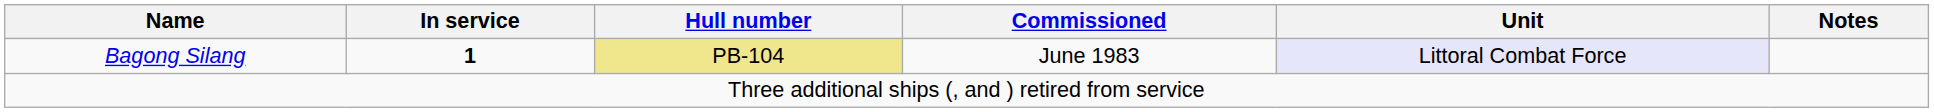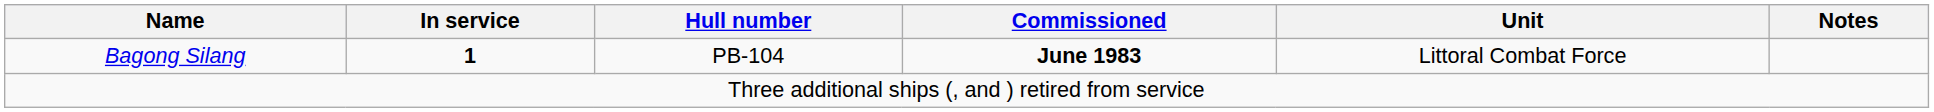 <table class="wikitable"  style="width:90%; text-align:center;">
 <tr style="background:lavender;">
 <th>Name</th>
 <th><strong>In service</strong></th>
 <th><a href='#'>Hull number</a></th>
 <th><a href='#'>Commissioned</a></th>
 <th>Unit</th>
 <th>Notes</th>
 </tr>
 <tr>
 <td valign="top"><a href='#'><em>Bagong Silang</em></a></td>
 <td><strong>1</strong></td>
-<td style="background: khaki;">PB-104</td>
-<td>June 1983</td>
-<td style="background: lavender;">Littoral Combat Force</td>
+<td>PB-104</td>
+<td><strong>June 1983</strong></td>
+<td>Littoral Combat Force</td>
 <td></td>
 </tr>
 <tr>
 <td colspan="6" style="text-align: center;">Three additional ships (,  and ) retired from service</td>
 </tr>
 </table>
